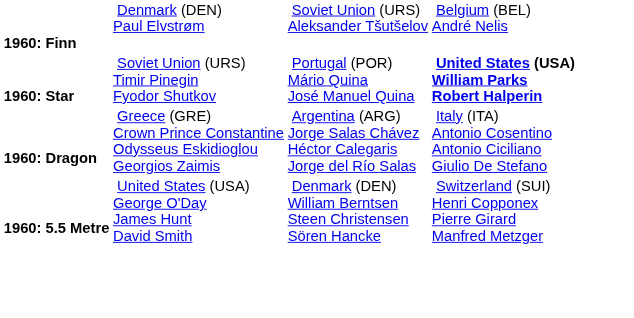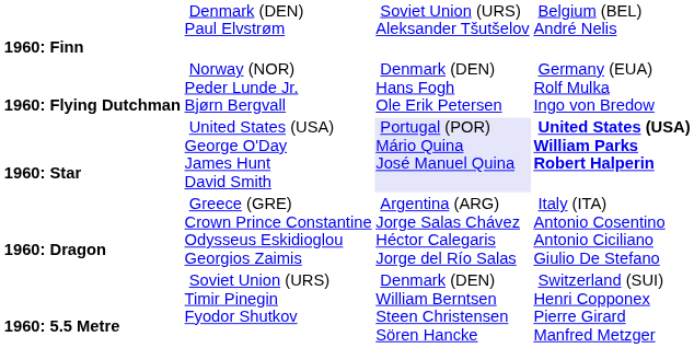 <table>
 <tr>
 <td style="align:center;"><br><br><strong>1960: Finn</strong> <br></td>
 <td style="vertical-align:top;"> <a href='#'>Denmark</a> <span>(DEN)</span><br><a href='#'>Paul Elvstrøm</a></td>
 <td style="vertical-align:top;"> <a href='#'>Soviet Union</a> <span>(URS)</span><br><a href='#'>Aleksander Tšutšelov</a></td>
 <td style="vertical-align:top;"> <a href='#'>Belgium</a> <span>(BEL)</span><br><a href='#'>André Nelis</a></td>
 </tr>
 <tr>
+<td style="align:center;"><br><br><strong>1960: Flying Dutchman</strong> <br></td>
+<td style="vertical-align:top;"> <a href='#'>Norway</a> <span>(NOR)</span><br><a href='#'>Peder Lunde Jr.</a><br><a href='#'>Bjørn Bergvall</a></td>
+<td style="vertical-align:top;"> <a href='#'>Denmark</a> <span>(DEN)</span><br><a href='#'>Hans Fogh</a><br><a href='#'>Ole Erik Petersen</a></td>
+<td style="vertical-align:top;"> <a href='#'>Germany</a> <span>(EUA)</span><br><a href='#'>Rolf Mulka</a><br><a href='#'>Ingo von Bredow</a></td>
+</tr>
+<tr>
 <td style="align:center;"><br><br><strong>1960: Star</strong> <br></td>
-<td style="vertical-align:top;"> <a href='#'>Soviet Union</a> <span>(URS)</span><br><a href='#'>Timir Pinegin</a><br><a href='#'>Fyodor Shutkov</a></td>
-<td style="vertical-align:top;"> <a href='#'>Portugal</a> <span>(POR)</span><br><a href='#'>Mário Quina</a><br><a href='#'>José Manuel Quina</a></td>
+<td style="vertical-align:top;"> <a href='#'>United States</a> <span>(USA)</span><br><a href='#'>George O'Day</a><br><a href='#'>James Hunt</a><br><a href='#'>David Smith</a></td>
+<td style="background: lavender; vertical-align:top;"> <a href='#'>Portugal</a> <span>(POR)</span><br><a href='#'>Mário Quina</a><br><a href='#'>José Manuel Quina</a></td>
 <td style="vertical-align:top;"><strong> <a href='#'>United States</a> <span>(USA)</span><br><a href='#'>William Parks</a><br><a href='#'>Robert Halperin</a></strong></td>
 </tr>
 <tr>
 <td style="align:center;"><br><br><strong>1960: Dragon</strong> <br></td>
 <td style="vertical-align:top;"> <a href='#'>Greece</a> <span>(GRE)</span><br><a href='#'>Crown Prince Constantine</a><br><a href='#'>Odysseus Eskidioglou</a><br><a href='#'>Georgios Zaimis</a></td>
 <td style="vertical-align:top;"> <a href='#'>Argentina</a> <span>(ARG)</span><br><a href='#'>Jorge Salas Chávez</a><br><a href='#'>Héctor Calegaris</a><br><a href='#'>Jorge del Río Salas</a></td>
 <td style="vertical-align:top;"> <a href='#'>Italy</a> <span>(ITA)</span><br><a href='#'>Antonio Cosentino</a><br><a href='#'>Antonio Ciciliano</a><br><a href='#'>Giulio De Stefano</a></td>
 </tr>
 <tr>
 <td style="align:center;"><br><br><strong>1960: 5.5 Metre</strong> <br></td>
-<td style="vertical-align:top;"> <a href='#'>United States</a> <span>(USA)</span><br><a href='#'>George O'Day</a><br><a href='#'>James Hunt</a><br><a href='#'>David Smith</a></td>
+<td style="vertical-align:top;"> <a href='#'>Soviet Union</a> <span>(URS)</span><br><a href='#'>Timir Pinegin</a><br><a href='#'>Fyodor Shutkov</a></td>
 <td style="vertical-align:top;"> <a href='#'>Denmark</a> <span>(DEN)</span><br><a href='#'>William Berntsen</a><br><a href='#'>Steen Christensen</a><br><a href='#'>Sören Hancke</a></td>
 <td style="vertical-align:top;"> <a href='#'>Switzerland</a> <span>(SUI)</span><br><a href='#'>Henri Copponex</a><br><a href='#'>Pierre Girard</a><br><a href='#'>Manfred Metzger</a></td>
 </tr>
 </table>
